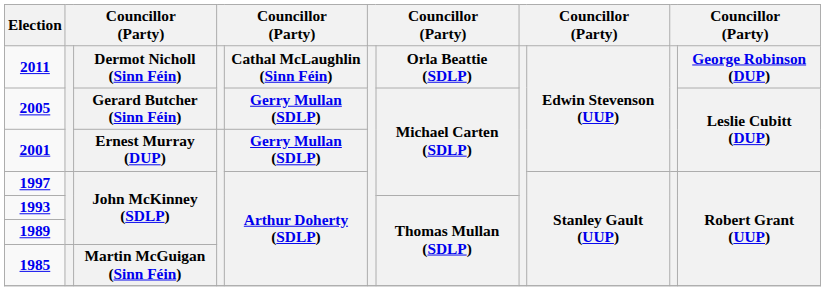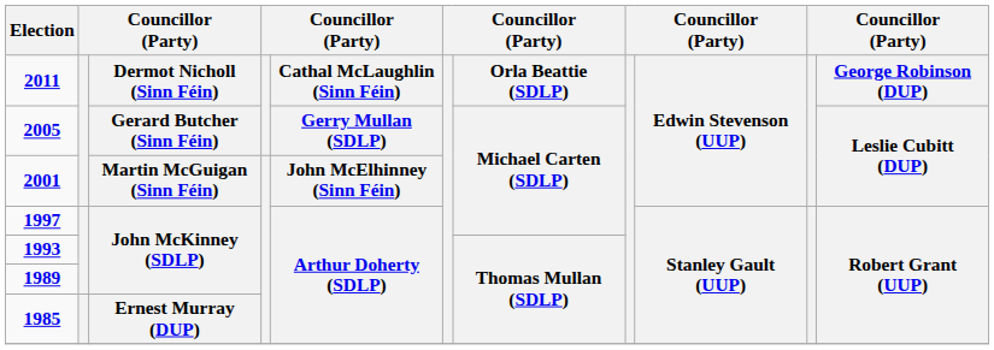 <table class="wikitable" style="text-align:center">
 <tr>
 <th scope="col" width="50">Election</th>
 <th scope="col" width="150" colspan = "2">Councillor<br> (Party)</th>
 <th scope="col" width="150" colspan = "2">Councillor<br> (Party)</th>
 <th scope="col" width="150" colspan = "2">Councillor<br> (Party)</th>
 <th scope="col" width="150" colspan = "2">Councillor<br> (Party)</th>
 <th scope="col" width="150" colspan = "2">Councillor<br> (Party)</th>
 </tr>
 <tr>
 <td><strong><a href='#'>2011</a></strong></td>
 <th rowspan="3" width="1" style="background-color: "></th>
 <th rowspan = "1">Dermot Nicholl <br> (<a href='#'>Sinn Féin</a>)</th>
 <th rowspan="2" width="1" style="background-color: "></th>
 <th rowspan = "1">Cathal McLaughlin <br> (<a href='#'>Sinn Féin</a>)</th>
 <th rowspan="7" width="1" style="background-color: "></th>
 <th rowspan = "1">Orla Beattie <br> (<a href='#'>SDLP</a>)</th>
 <th rowspan="7" width="1" style="background-color: "></th>
 <th rowspan = "3">Edwin Stevenson <br> (<a href='#'>UUP</a>)</th>
 <th rowspan="3" width="1" style="background-color: "></th>
 <th rowspan = "1"><a href='#'>George Robinson</a> <br> (<a href='#'>DUP</a>)</th>
 </tr>
 <tr>
 <td><strong><a href='#'>2005</a></strong></td>
 <th rowspan = "1">Gerard Butcher <br> (<a href='#'>Sinn Féin</a>)</th>
 <th rowspan = "1"><a href='#'>Gerry Mullan</a> <br> (<a href='#'>SDLP</a>)</th>
 <th rowspan = "3">Michael Carten <br> (<a href='#'>SDLP</a>)</th>
 <th rowspan = "2">Leslie Cubitt <br> (<a href='#'>DUP</a>)</th>
 </tr>
 <tr>
 <td><strong><a href='#'>2001</a></strong></td>
-<th rowspan = "1">Ernest Murray <br> (<a href='#'>DUP</a>)</th>
+<th rowspan = "1">Martin McGuigan <br> (<a href='#'>Sinn Féin</a>)</th>
 <th rowspan="5" width="1" style="background-color: "></th>
-<th rowspan = "1"><a href='#'>Gerry Mullan</a> <br> (<a href='#'>SDLP</a>)</th>
+<th rowspan = "1">John McElhinney <br> (<a href='#'>Sinn Féin</a>)</th>
 </tr>
 <tr>
 <td><strong><a href='#'>1997</a></strong></td>
 <th rowspan="3" width="1" style="background-color: "></th>
 <th rowspan = "3">John McKinney <br> (<a href='#'>SDLP</a>)</th>
 <th rowspan = "4"><a href='#'>Arthur Doherty</a> <br> (<a href='#'>SDLP</a>)</th>
 <th rowspan = "4">Stanley Gault <br> (<a href='#'>UUP</a>)</th>
 <th rowspan="4" width="1" style="background-color: "></th>
 <th rowspan = "4">Robert Grant <br> (<a href='#'>UUP</a>)</th>
 </tr>
 <tr>
 <td><strong><a href='#'>1993</a></strong></td>
 <th rowspan = "3">Thomas Mullan <br> (<a href='#'>SDLP</a>)</th>
 </tr>
 <tr>
 <td><strong><a href='#'>1989</a></strong></td>
 </tr>
 <tr>
 <td><strong><a href='#'>1985</a></strong></td>
 <th rowspan="1" width="1" style="background-color: "></th>
-<th rowspan = "1">Martin McGuigan <br> (<a href='#'>Sinn Féin</a>)</th>
+<th rowspan = "1">Ernest Murray <br> (<a href='#'>DUP</a>)</th>
 </tr>
 <tr>
 </tr>
 </table>
